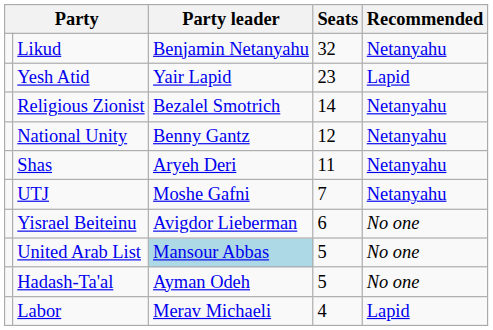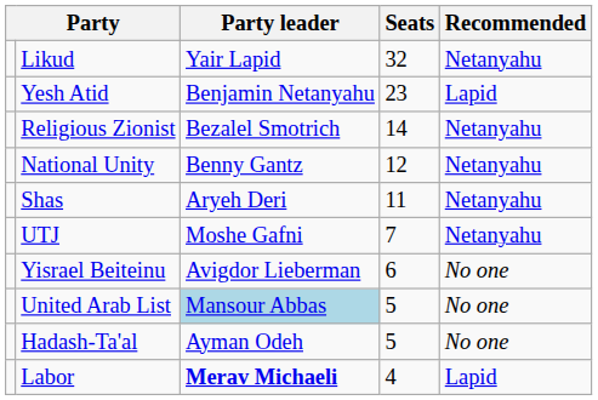 <table class="wikitable sortable">
 <tr>
 <th colspan=2>Party</th>
 <th>Party leader</th>
 <th>Seats</th>
 <th>Recommended</th>
 </tr>
 <tr>
 <td style="color:inherit;background:"></td>
 <td><a href='#'>Likud</a></td>
-<td><a href='#'>Benjamin Netanyahu</a></td>
+<td><a href='#'>Yair Lapid</a></td>
 <td>32</td>
 <td><a href='#'>Netanyahu</a></td>
 </tr>
 <tr>
 <td style="color:inherit;background:"></td>
 <td><a href='#'>Yesh Atid</a></td>
-<td><a href='#'>Yair Lapid</a></td>
+<td><a href='#'>Benjamin Netanyahu</a></td>
 <td>23</td>
 <td><a href='#'>Lapid</a></td>
 </tr>
 <tr>
 <td style="color:inherit;background:"></td>
 <td><a href='#'>Religious Zionist</a></td>
 <td><a href='#'>Bezalel Smotrich</a></td>
 <td>14</td>
 <td><a href='#'>Netanyahu</a></td>
 </tr>
 <tr>
 <td style="color:inherit;background:"></td>
 <td><a href='#'>National Unity</a></td>
 <td><a href='#'>Benny Gantz</a></td>
 <td>12</td>
 <td><a href='#'>Netanyahu</a></td>
 </tr>
 <tr>
 <td style="color:inherit;background:"></td>
 <td><a href='#'>Shas</a></td>
 <td><a href='#'>Aryeh Deri</a></td>
 <td>11</td>
 <td><a href='#'>Netanyahu</a></td>
 </tr>
 <tr>
 <td style="color:inherit;background:"></td>
 <td><a href='#'>UTJ</a></td>
 <td><a href='#'>Moshe Gafni</a></td>
 <td>7</td>
 <td><a href='#'>Netanyahu</a></td>
 </tr>
 <tr>
 <td style="color:inherit;background:"></td>
 <td><a href='#'>Yisrael Beiteinu</a></td>
 <td><a href='#'>Avigdor Lieberman</a></td>
 <td>6</td>
 <td><em>No one</em></td>
 </tr>
 <tr>
 <td style="color:inherit;background:"></td>
 <td><a href='#'>United Arab List</a></td>
 <td style="background: lightblue;"><a href='#'>Mansour Abbas</a></td>
 <td>5</td>
 <td><em>No one</em></td>
 </tr>
 <tr>
 <td style="color:inherit;background:"></td>
 <td><a href='#'>Hadash-Ta'al</a></td>
 <td><a href='#'>Ayman Odeh</a></td>
 <td>5</td>
 <td><em>No one</em></td>
 </tr>
 <tr>
 <td style="color:inherit;background:"></td>
 <td><a href='#'>Labor</a></td>
-<td><a href='#'>Merav Michaeli</a></td>
+<td><strong><a href='#'>Merav Michaeli</a></strong></td>
 <td>4</td>
 <td><a href='#'>Lapid</a></td>
 </tr>
 </table>
